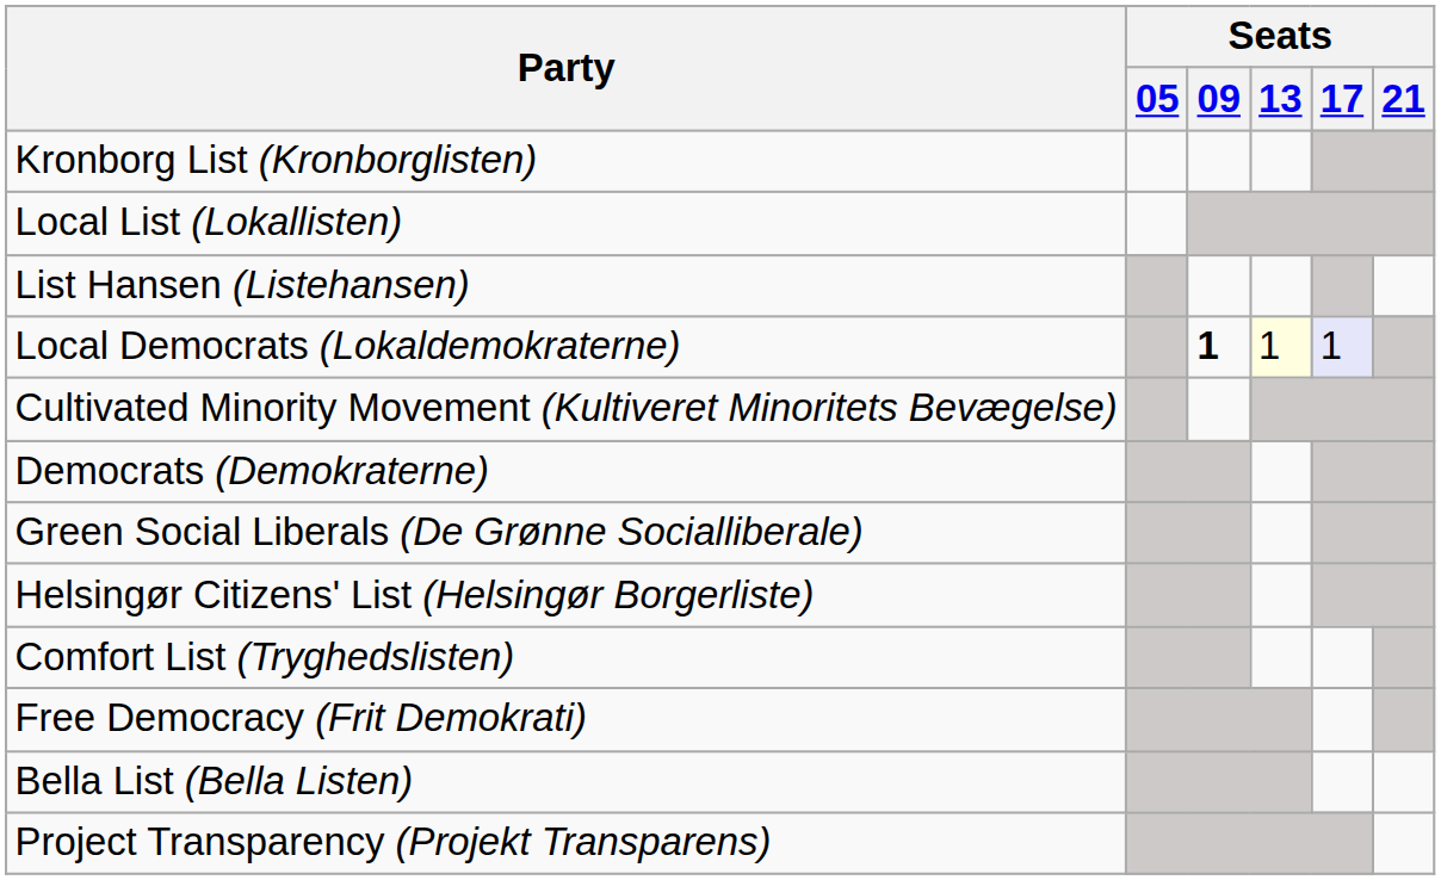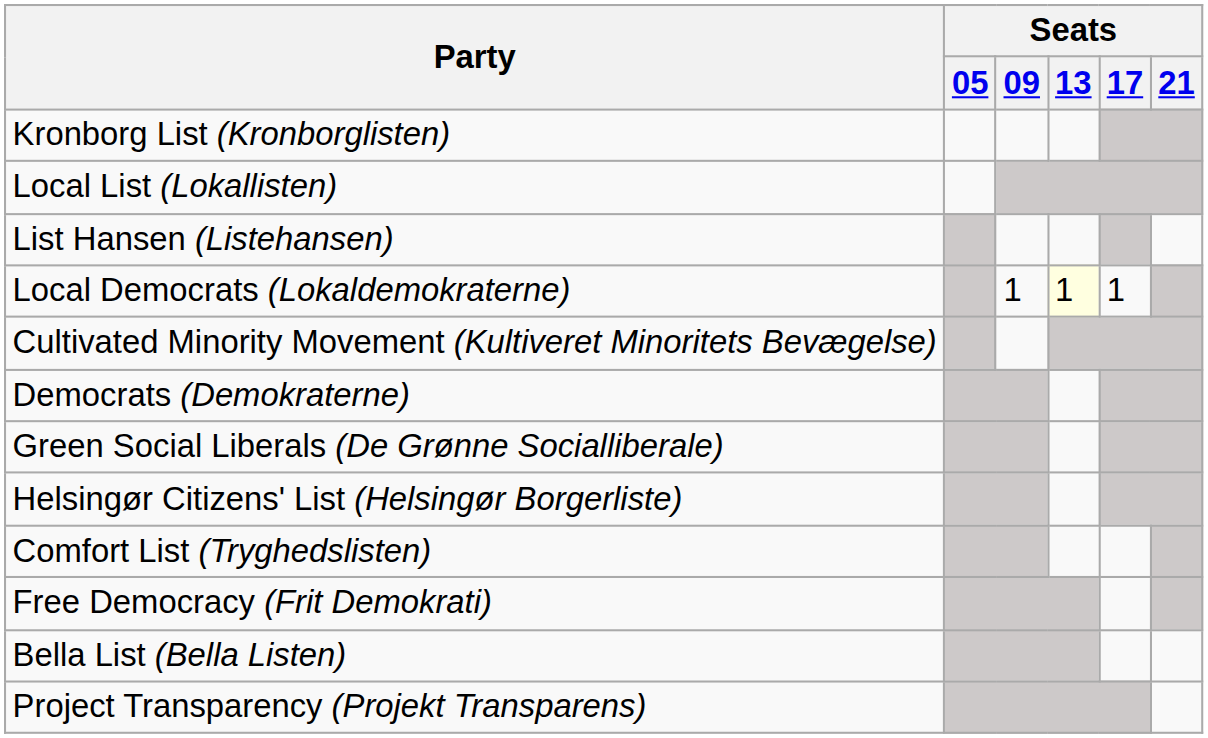 <table class="wikitable">
 <tr>
 <th rowspan=2>Party</th>
 <th colspan=11>Seats</th>
 </tr>
 <tr>
 <th><a href='#'>05</a></th>
 <th><a href='#'>09</a></th>
 <th><a href='#'>13</a></th>
 <th><a href='#'>17</a></th>
 <th><a href='#'>21</a></th>
 </tr>
 <tr>
 <td>Kronborg List <em>(Kronborglisten)</em></td>
 <td></td>
 <td></td>
 <td></td>
 <td style="background:#CDC9C9;" colspan=2></td>
 </tr>
 <tr>
 <td>Local List <em>(Lokallisten)</em></td>
 <td></td>
 <td style="background:#CDC9C9;" colspan=4></td>
 </tr>
 <tr>
 <td>List Hansen <em>(Listehansen)</em></td>
 <td style="background:#CDC9C9;"></td>
 <td></td>
 <td></td>
 <td style="background:#CDC9C9;"></td>
 <td></td>
 </tr>
 <tr>
 <td>Local Democrats <em>(Lokaldemokraterne)</em></td>
 <td style="background:#CDC9C9;"></td>
-<td><strong>1</strong></td>
+<td>1</td>
 <td style="background: lightyellow;">1</td>
-<td style="background: lavender;">1</td>
+<td>1</td>
 <td style="background:#CDC9C9;"></td>
 </tr>
 <tr>
 <td>Cultivated Minority Movement <em>(Kultiveret Minoritets Bevægelse)</em></td>
 <td style="background:#CDC9C9;"></td>
 <td></td>
 <td style="background:#CDC9C9;" colspan=3></td>
 </tr>
 <tr>
 <td>Democrats <em>(Demokraterne)</em></td>
 <td style="background:#CDC9C9;" colspan=2></td>
 <td></td>
 <td style="background:#CDC9C9;" colspan=2></td>
 </tr>
 <tr>
 <td>Green Social Liberals <em>(De Grønne Socialliberale)</em></td>
 <td style="background:#CDC9C9;" colspan=2></td>
 <td></td>
 <td style="background:#CDC9C9;" colspan=2></td>
 </tr>
 <tr>
 <td>Helsingør Citizens' List <em>(Helsingør Borgerliste)</em></td>
 <td style="background:#CDC9C9;" colspan=2></td>
 <td></td>
 <td style="background:#CDC9C9;" colspan=2></td>
 </tr>
 <tr>
 <td>Comfort List <em>(Tryghedslisten)</em></td>
 <td style="background:#CDC9C9;" colspan=2></td>
 <td></td>
 <td></td>
 <td style="background:#CDC9C9;"></td>
 </tr>
 <tr>
 <td>Free Democracy <em>(Frit Demokrati)</em></td>
 <td style="background:#CDC9C9;" colspan=3></td>
 <td></td>
 <td style="background:#CDC9C9;"></td>
 </tr>
 <tr>
 <td>Bella List <em>(Bella Listen)</em></td>
 <td style="background:#CDC9C9;" colspan=3></td>
 <td></td>
 <td></td>
 </tr>
 <tr>
 <td>Project Transparency <em>(Projekt Transparens)</em></td>
 <td style="background:#CDC9C9;" colspan=4></td>
 <td></td>
 </tr>
 </table>
